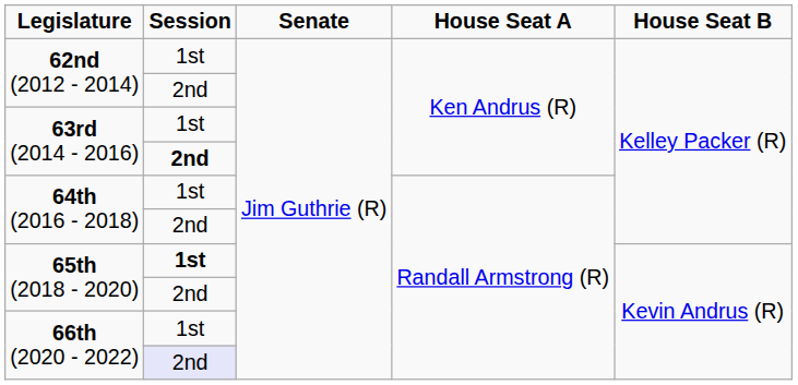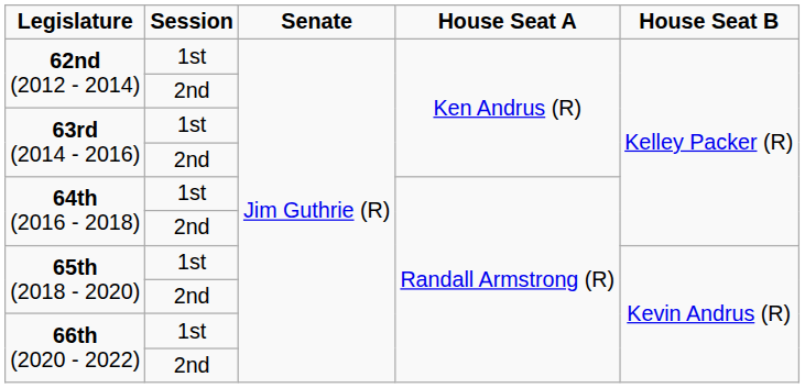 <table class=wikitable style="text-align:center">
 <tr>
 <td><strong>Legislature</strong></td>
 <td><strong>Session</strong></td>
 <td><strong>Senate</strong></td>
 <td><strong>House Seat A</strong></td>
 <td><strong>House Seat B</strong></td>
 </tr>
 <tr>
 <td rowspan="2" colspan="1" style="text-align: center;"><strong>62nd</strong> <br> (2012 - 2014)</td>
 <td>1st</td>
 <td rowspan="10" colspan="1" style="text-align: center;" ><a href='#'>Jim Guthrie</a> (R)</td>
 <td rowspan="4" colspan="1" style="text-align: center;" ><a href='#'>Ken Andrus</a> (R)</td>
 <td rowspan="6" colspan="1" style="text-align: center;" ><a href='#'>Kelley Packer</a> (R)</td>
 </tr>
 <tr>
 <td>2nd</td>
 </tr>
 <tr>
 <td rowspan="2" colspan="1" style="text-align: center;"><strong>63rd</strong> <br> (2014 - 2016)</td>
 <td>1st</td>
 </tr>
 <tr>
-<td><strong>2nd</strong></td>
+<td>2nd</td>
 </tr>
 <tr>
 <td rowspan="2" colspan="1" style="text-align: center;"><strong>64th</strong> <br> (2016 - 2018)</td>
 <td>1st</td>
 <td rowspan="6" colspan="1" style="text-align: center;" ><a href='#'>Randall Armstrong</a> (R)</td>
 </tr>
 <tr>
 <td>2nd</td>
 </tr>
 <tr>
 <td rowspan="2" colspan="1" style="text-align: center;"><strong>65th</strong> <br> (2018 - 2020)</td>
-<td><strong>1st</strong></td>
+<td>1st</td>
 <td rowspan="4" colspan="1" style="text-align: center;" ><a href='#'>Kevin Andrus</a> (R)</td>
 </tr>
 <tr>
 <td>2nd</td>
 </tr>
 <tr>
 <td rowspan="2" colspan="1" style="text-align: center;"><strong>66th</strong> <br> (2020 - 2022)</td>
 <td>1st</td>
 </tr>
 <tr>
-<td style="background: lavender;">2nd</td>
+<td>2nd</td>
 </tr>
 </table>
